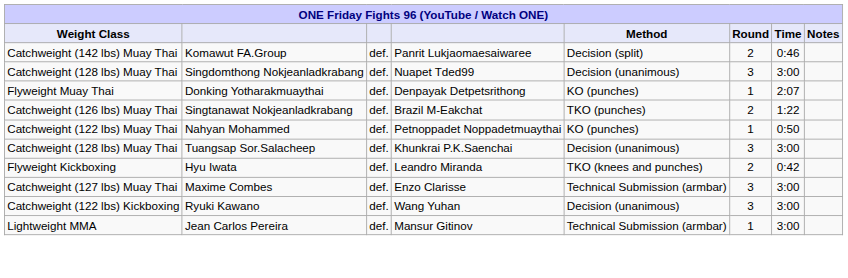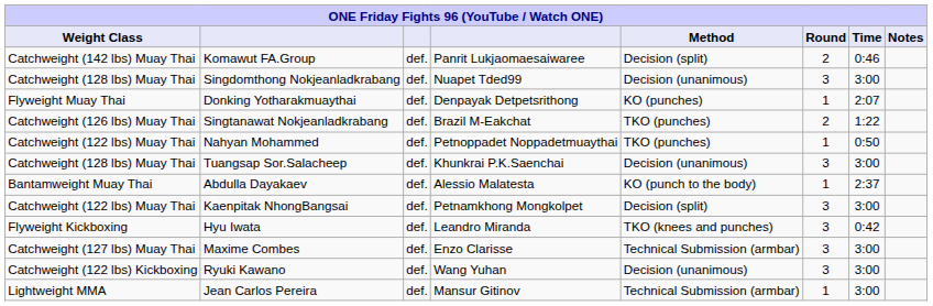 <table class="wikitable" style="font-size: 80%;">
 <tr>
 <th colspan="8" style="background-color: #ccf; color: #000080; text-align: center;"><strong>ONE Friday Fights 96 (YouTube / Watch ONE)</strong></th>
 </tr>
 <tr>
 <th colspan="1" style="background-color: #E6E8FA; color: #000000; text-align: center;">Weight Class</th>
 <th colspan="1" style="background-color: #E6E8FA; color: #000000; text-align: center;"></th>
 <th colspan="1" style="background-color: #E6E8FA; color: #000000; text-align: center;"></th>
 <th colspan="1" style="background-color: #E6E8FA; color: #000000; text-align: center;"></th>
 <th colspan="1" style="background-color: #E6E8FA; color: #000000; text-align: center;">Method</th>
 <th colspan="1" style="background-color: #E6E8FA; color: #000000; text-align: center;">Round</th>
 <th colspan="1" style="background-color: #E6E8FA; color: #000000; text-align: center;">Time</th>
 <th colspan="1" style="background-color: #E6E8FA; color: #000000; text-align: center;">Notes</th>
 </tr>
 <tr>
 <td>Catchweight (142 lbs) Muay Thai</td>
 <td> Komawut FA.Group</td>
 <td>def.</td>
 <td> Panrit Lukjaomaesaiwaree</td>
 <td>Decision (split)</td>
 <td align=center>2</td>
 <td align=center>0:46</td>
 <td></td>
 </tr>
 <tr>
 <td>Catchweight (128 lbs) Muay Thai</td>
 <td> Singdomthong Nokjeanladkrabang</td>
 <td>def.</td>
 <td> Nuapet Tded99</td>
 <td>Decision (unanimous)</td>
 <td align=center>3</td>
 <td align=center>3:00</td>
 <td></td>
 </tr>
 <tr>
 <td>Flyweight Muay Thai</td>
 <td> Donking Yotharakmuaythai</td>
 <td>def.</td>
 <td> Denpayak Detpetsrithong</td>
 <td>KO (punches)</td>
 <td align=center>1</td>
 <td align=center>2:07</td>
 <td></td>
 </tr>
 <tr>
 <td>Catchweight (126 lbs) Muay Thai</td>
 <td> Singtanawat Nokjeanladkrabang</td>
 <td>def.</td>
 <td> Brazil M-Eakchat</td>
 <td>TKO (punches)</td>
 <td align=center>2</td>
 <td align=center>1:22</td>
 <td></td>
 </tr>
 <tr>
 <td>Catchweight (122 lbs) Muay Thai</td>
 <td> Nahyan Mohammed</td>
 <td>def.</td>
 <td> Petnoppadet Noppadetmuaythai</td>
-<td>KO (punches)</td>
+<td>TKO (punches)</td>
 <td align=center>1</td>
 <td align=center>0:50</td>
 <td></td>
 </tr>
 <tr>
 <td>Catchweight (128 lbs) Muay Thai</td>
 <td> Tuangsap Sor.Salacheep</td>
 <td>def.</td>
 <td> Khunkrai P.K.Saenchai</td>
 <td>Decision (unanimous)</td>
 <td align=center>3</td>
 <td align=center>3:00</td>
 <td></td>
 </tr>
 <tr>
+<td>Bantamweight Muay Thai</td>
+<td> Abdulla Dayakaev</td>
+<td>def.</td>
+<td> Alessio Malatesta</td>
+<td>KO (punch to the body)</td>
+<td align="center">1</td>
+<td align="center">2:37</td>
+<td></td>
+</tr>
+<tr>
+<td>Catchweight (122 lbs) Muay Thai</td>
+<td> Kaenpitak NhongBangsai</td>
+<td>def.</td>
+<td> Petnamkhong Mongkolpet</td>
+<td>Decision (split)</td>
+<td align=center>3</td>
+<td align=center>3:00</td>
+<td></td>
+</tr>
+<tr>
 <td>Flyweight Kickboxing</td>
 <td> Hyu Iwata</td>
 <td>def.</td>
 <td> Leandro Miranda</td>
 <td>TKO (knees and punches)</td>
-<td align=center>2</td>
+<td align=center>3</td>
 <td align=center>0:42</td>
 <td></td>
 </tr>
 <tr>
 <td>Catchweight (127 lbs) Muay Thai</td>
 <td> Maxime Combes</td>
 <td>def.</td>
 <td> Enzo Clarisse</td>
 <td>Technical Submission (armbar)</td>
 <td align=center>3</td>
 <td align=center>3:00</td>
 <td></td>
 </tr>
 <tr>
 <td>Catchweight (122 lbs) Kickboxing</td>
 <td> Ryuki Kawano</td>
 <td>def.</td>
 <td> Wang Yuhan</td>
 <td>Decision (unanimous)</td>
 <td align=center>3</td>
 <td align=center>3:00</td>
 <td></td>
 </tr>
 <tr>
 <td>Lightweight MMA</td>
 <td> Jean Carlos Pereira</td>
 <td>def.</td>
 <td> Mansur Gitinov</td>
 <td>Technical Submission (armbar)</td>
 <td align=center>1</td>
 <td align=center>3:00</td>
 <td></td>
 </tr>
 </table>
